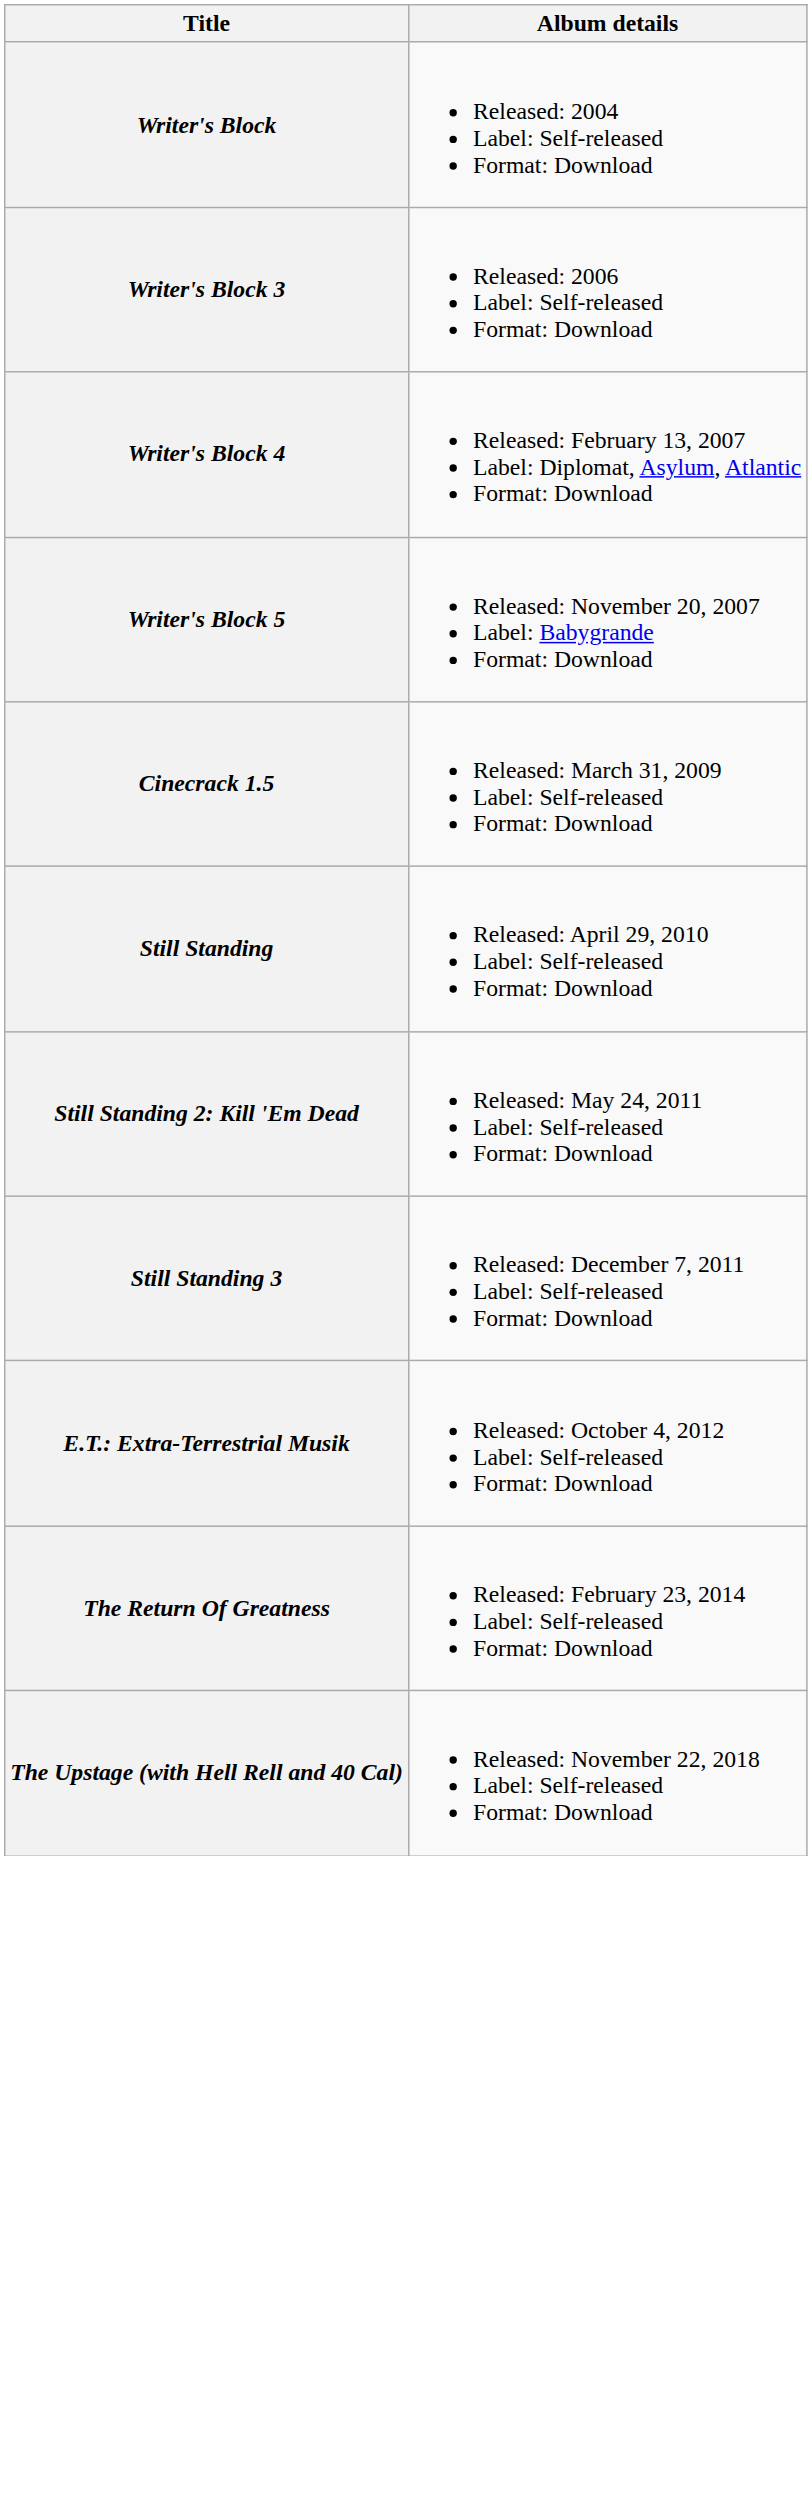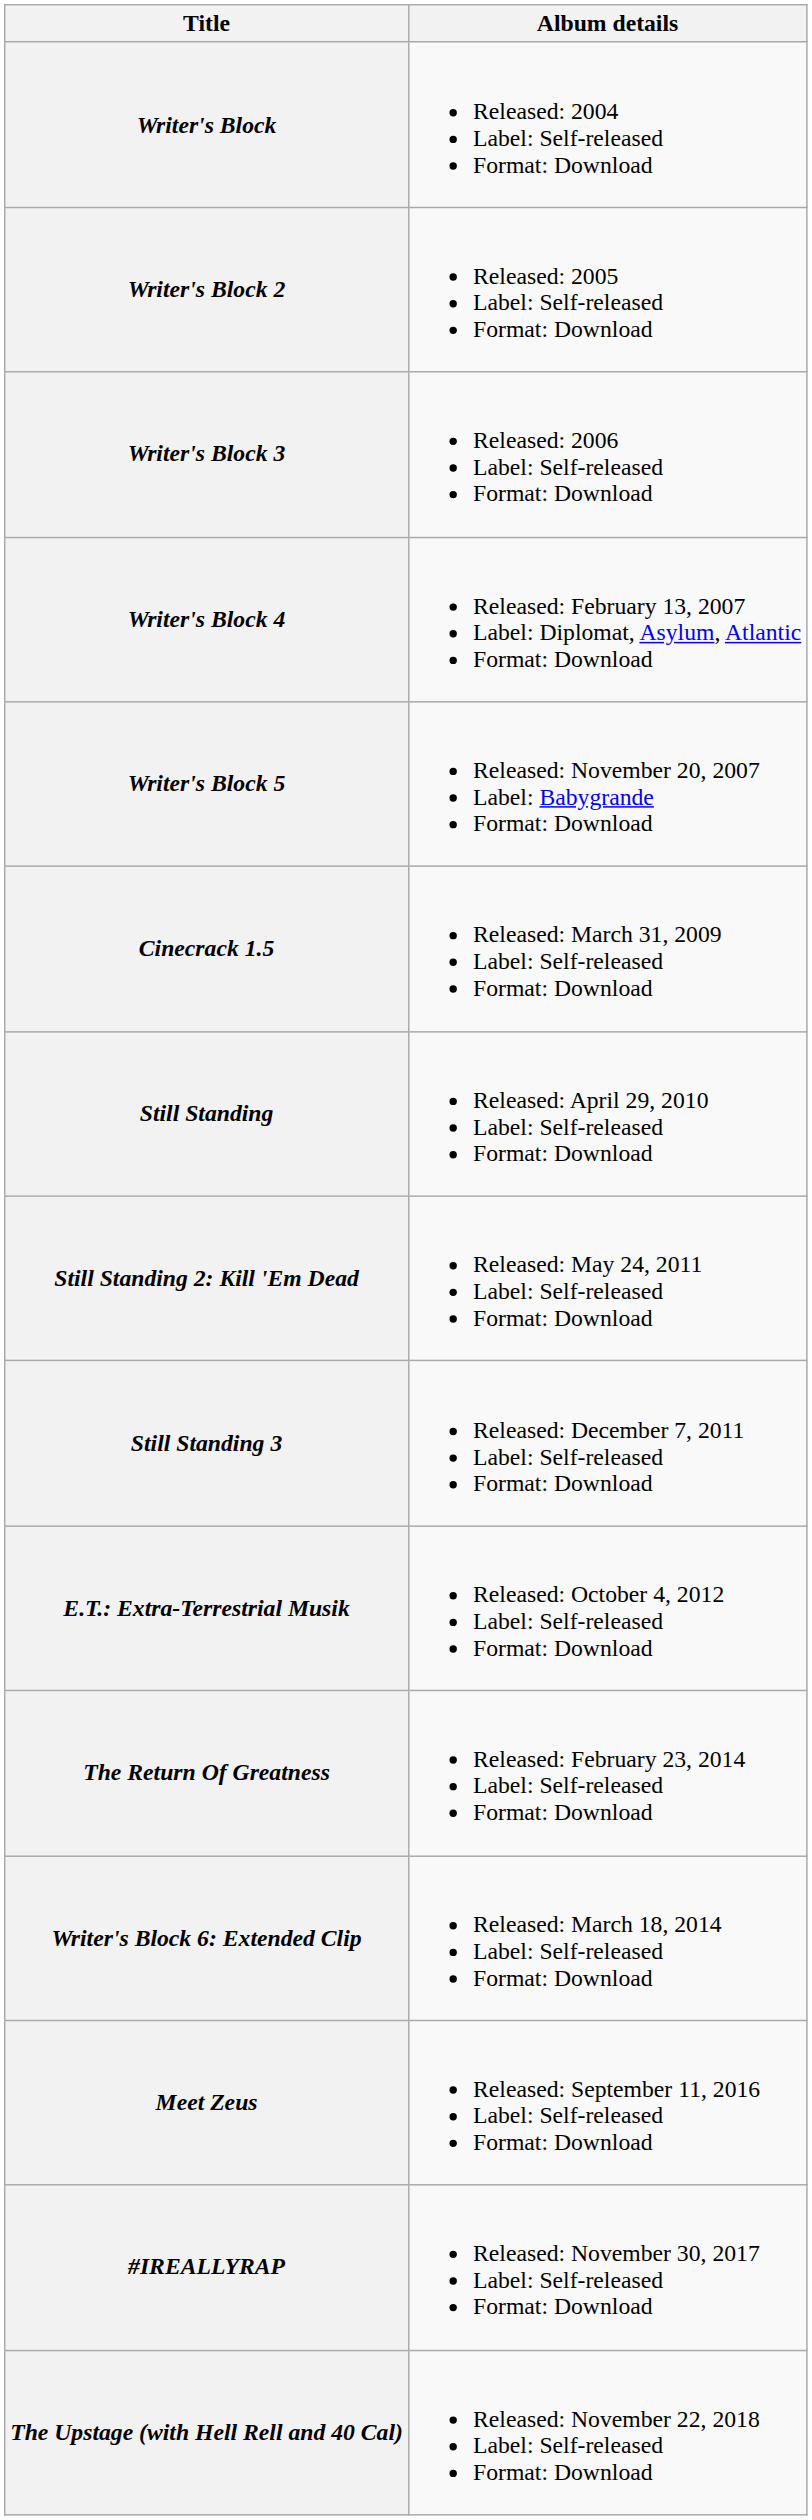 <table class="wikitable plainrowheaders" style="align-text:center;">
 <tr>
 <th scope="col">Title</th>
 <th scope="col">Album details</th>
 </tr>
 <tr>
 <th scope="row"><em>Writer's Block</em></th>
 <td><br><ul><li>Released: 2004</li><li>Label: Self-released</li><li>Format: Download</li></ul></td>
+</tr>
+<tr>
+<th scope="row"><em>Writer's Block 2</em></th>
+<td><br><ul><li>Released: 2005</li><li>Label: Self-released</li><li>Format: Download</li></ul></td>
 </tr>
 <tr>
 <th scope="row"><em>Writer's Block 3</em></th>
 <td><br><ul><li>Released: 2006</li><li>Label: Self-released</li><li>Format: Download</li></ul></td>
 </tr>
 <tr>
 <th scope="row"><em>Writer's Block 4</em></th>
 <td><br><ul><li>Released: February 13, 2007</li><li>Label: Diplomat, <a href='#'>Asylum</a>, <a href='#'>Atlantic</a></li><li>Format: Download</li></ul></td>
 </tr>
 <tr>
 <th scope="row"><em>Writer's Block 5</em></th>
 <td><br><ul><li>Released: November 20, 2007</li><li>Label: <a href='#'>Babygrande</a></li><li>Format: Download</li></ul></td>
 </tr>
 <tr>
 <th scope="row"><em>Cinecrack 1.5</em></th>
 <td><br><ul><li>Released: March 31, 2009</li><li>Label: Self-released</li><li>Format: Download</li></ul></td>
 </tr>
 <tr>
 <th scope="row"><em>Still Standing</em></th>
 <td><br><ul><li>Released: April 29, 2010</li><li>Label: Self-released</li><li>Format: Download</li></ul></td>
 </tr>
 <tr>
 <th scope="row"><em>Still Standing 2: Kill 'Em Dead</em></th>
 <td><br><ul><li>Released: May 24, 2011</li><li>Label: Self-released</li><li>Format: Download</li></ul></td>
 </tr>
 <tr>
 <th scope="row"><em>Still Standing 3</em></th>
 <td><br><ul><li>Released: December 7, 2011</li><li>Label: Self-released</li><li>Format: Download</li></ul></td>
 </tr>
 <tr>
 <th scope="row"><em>E.T.: Extra-Terrestrial Musik</em></th>
 <td><br><ul><li>Released: October 4, 2012</li><li>Label: Self-released</li><li>Format: Download</li></ul></td>
 </tr>
 <tr>
 <th scope="row"><em>The Return Of Greatness</em></th>
 <td><br><ul><li>Released: February 23, 2014</li><li>Label: Self-released</li><li>Format: Download</li></ul></td>
 </tr>
 <tr>
+<th scope="row"><em>Writer's Block 6: Extended Clip</em></th>
+<td><br><ul><li>Released: March 18, 2014</li><li>Label: Self-released</li><li>Format: Download</li></ul></td>
+</tr>
+<tr>
+<th scope="row"><em>Meet Zeus</em></th>
+<td><br><ul><li>Released: September 11, 2016</li><li>Label: Self-released</li><li>Format: Download</li></ul></td>
+</tr>
+<tr>
+<th scope="row"><em>#IREALLYRAP</em></th>
+<td><br><ul><li>Released: November 30, 2017</li><li>Label: Self-released</li><li>Format: Download</li></ul></td>
+</tr>
+<tr>
 <th scope="row"><em>The Upstage (with Hell Rell and 40 Cal)</em></th>
 <td><br><ul><li>Released: November 22, 2018</li><li>Label: Self-released</li><li>Format: Download</li></ul></td>
 </tr>
 </table>
